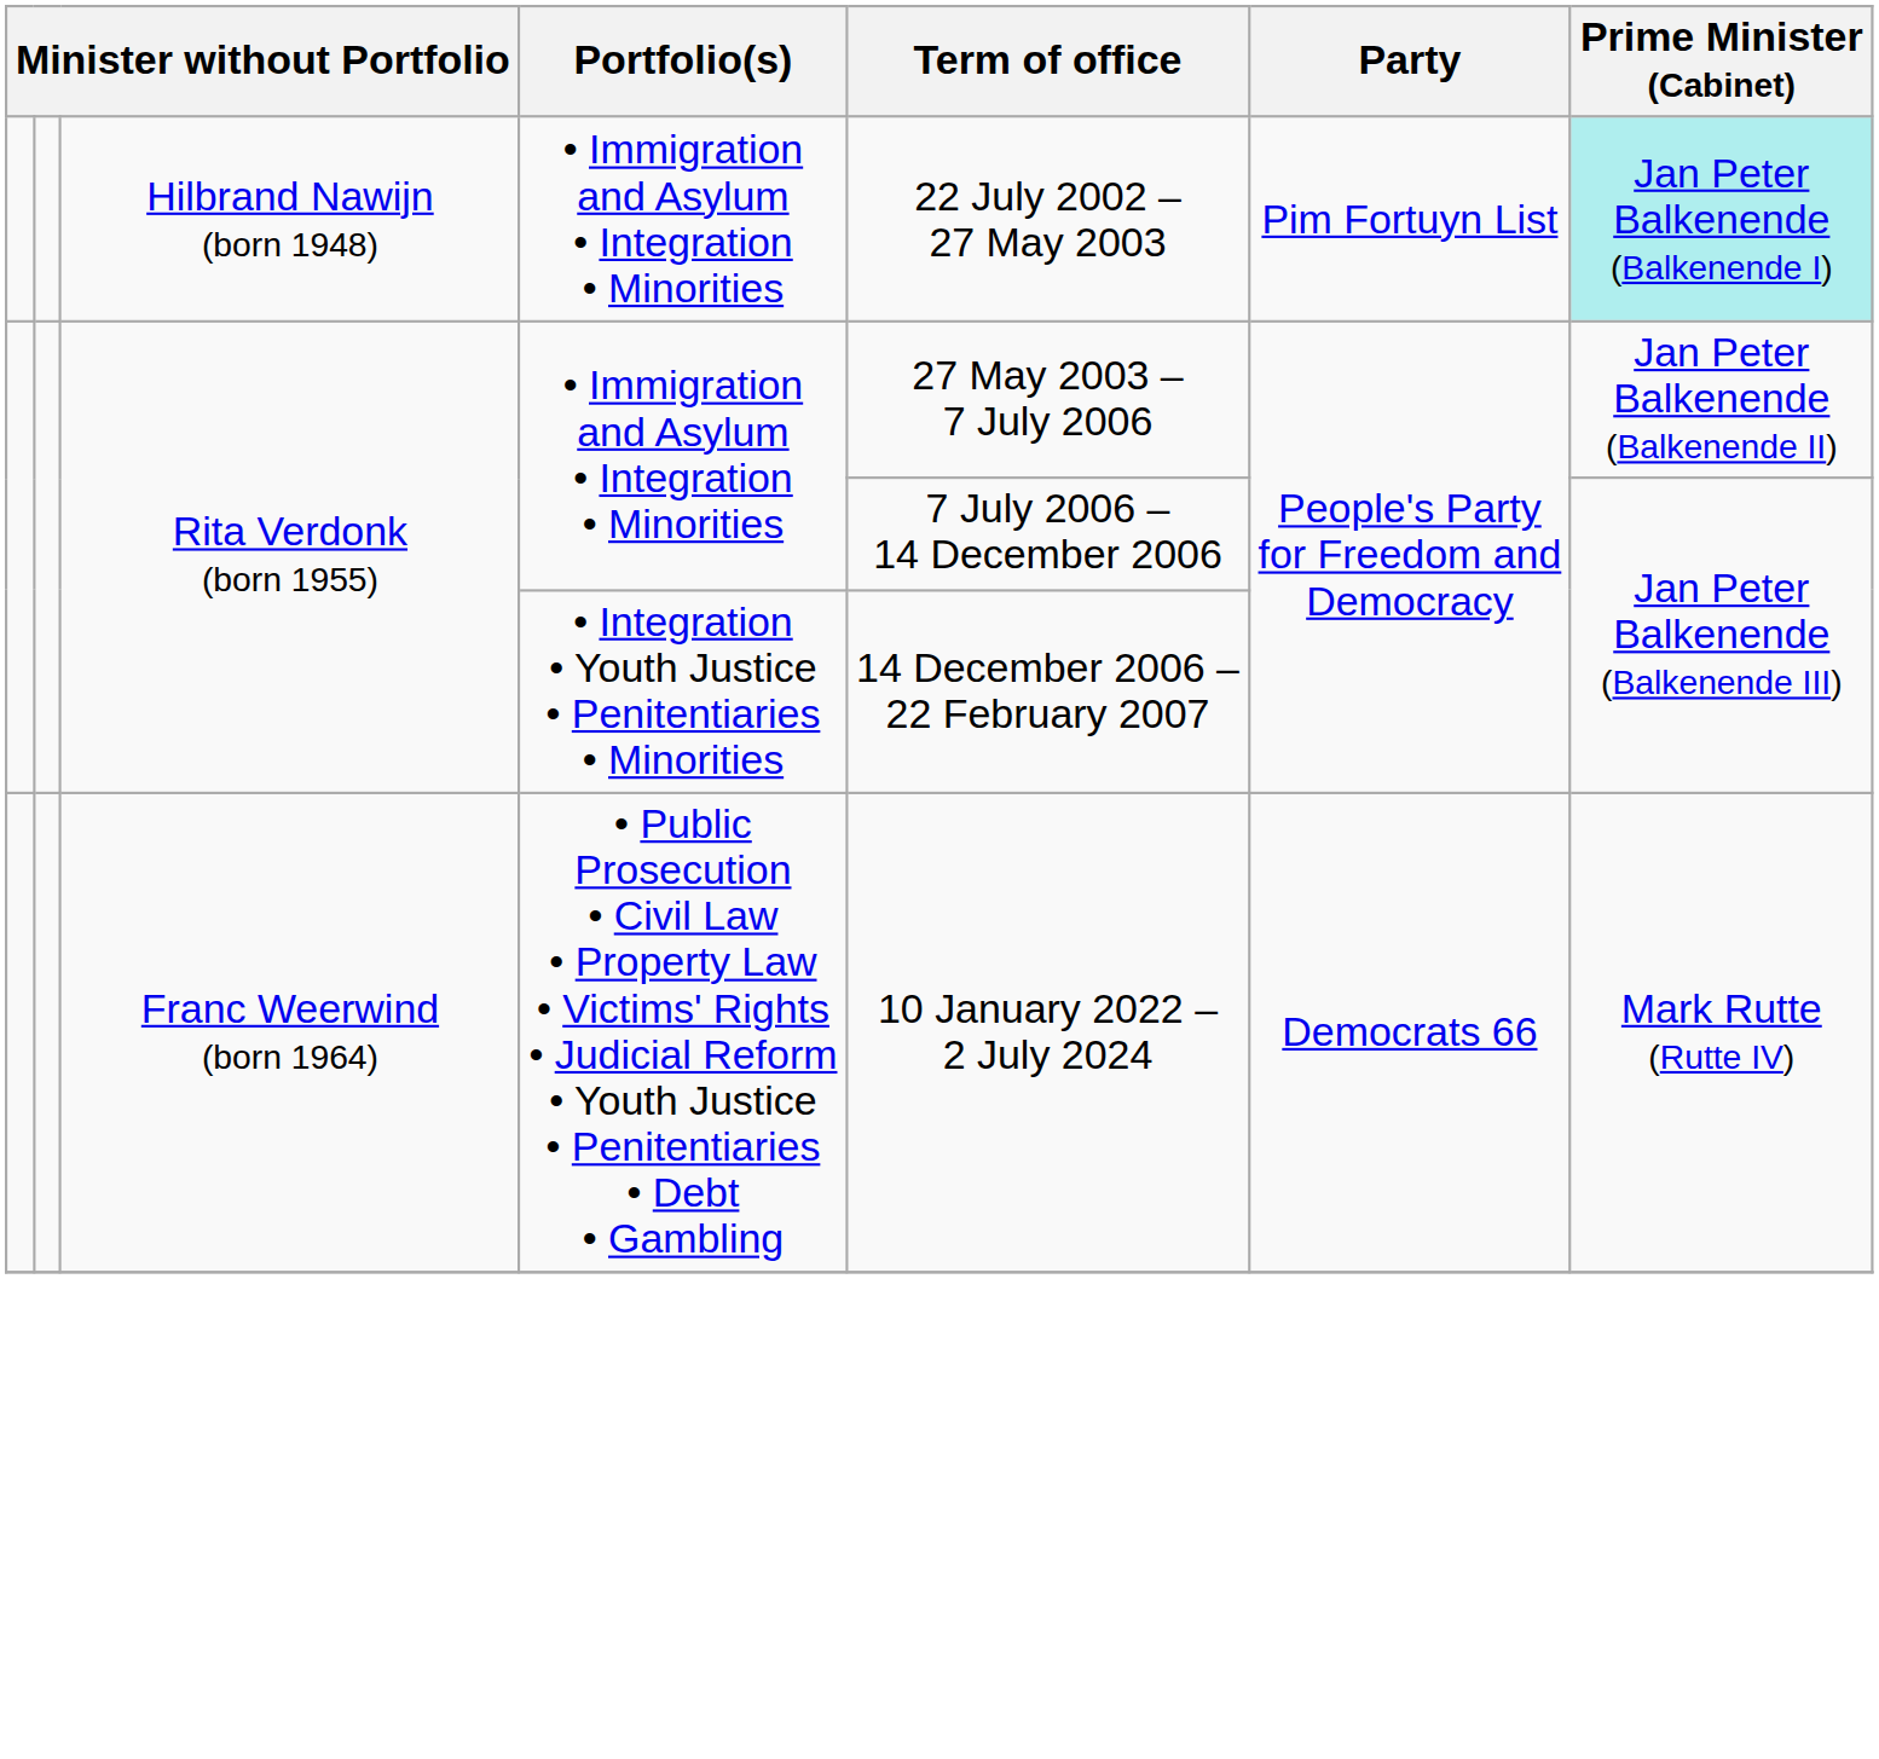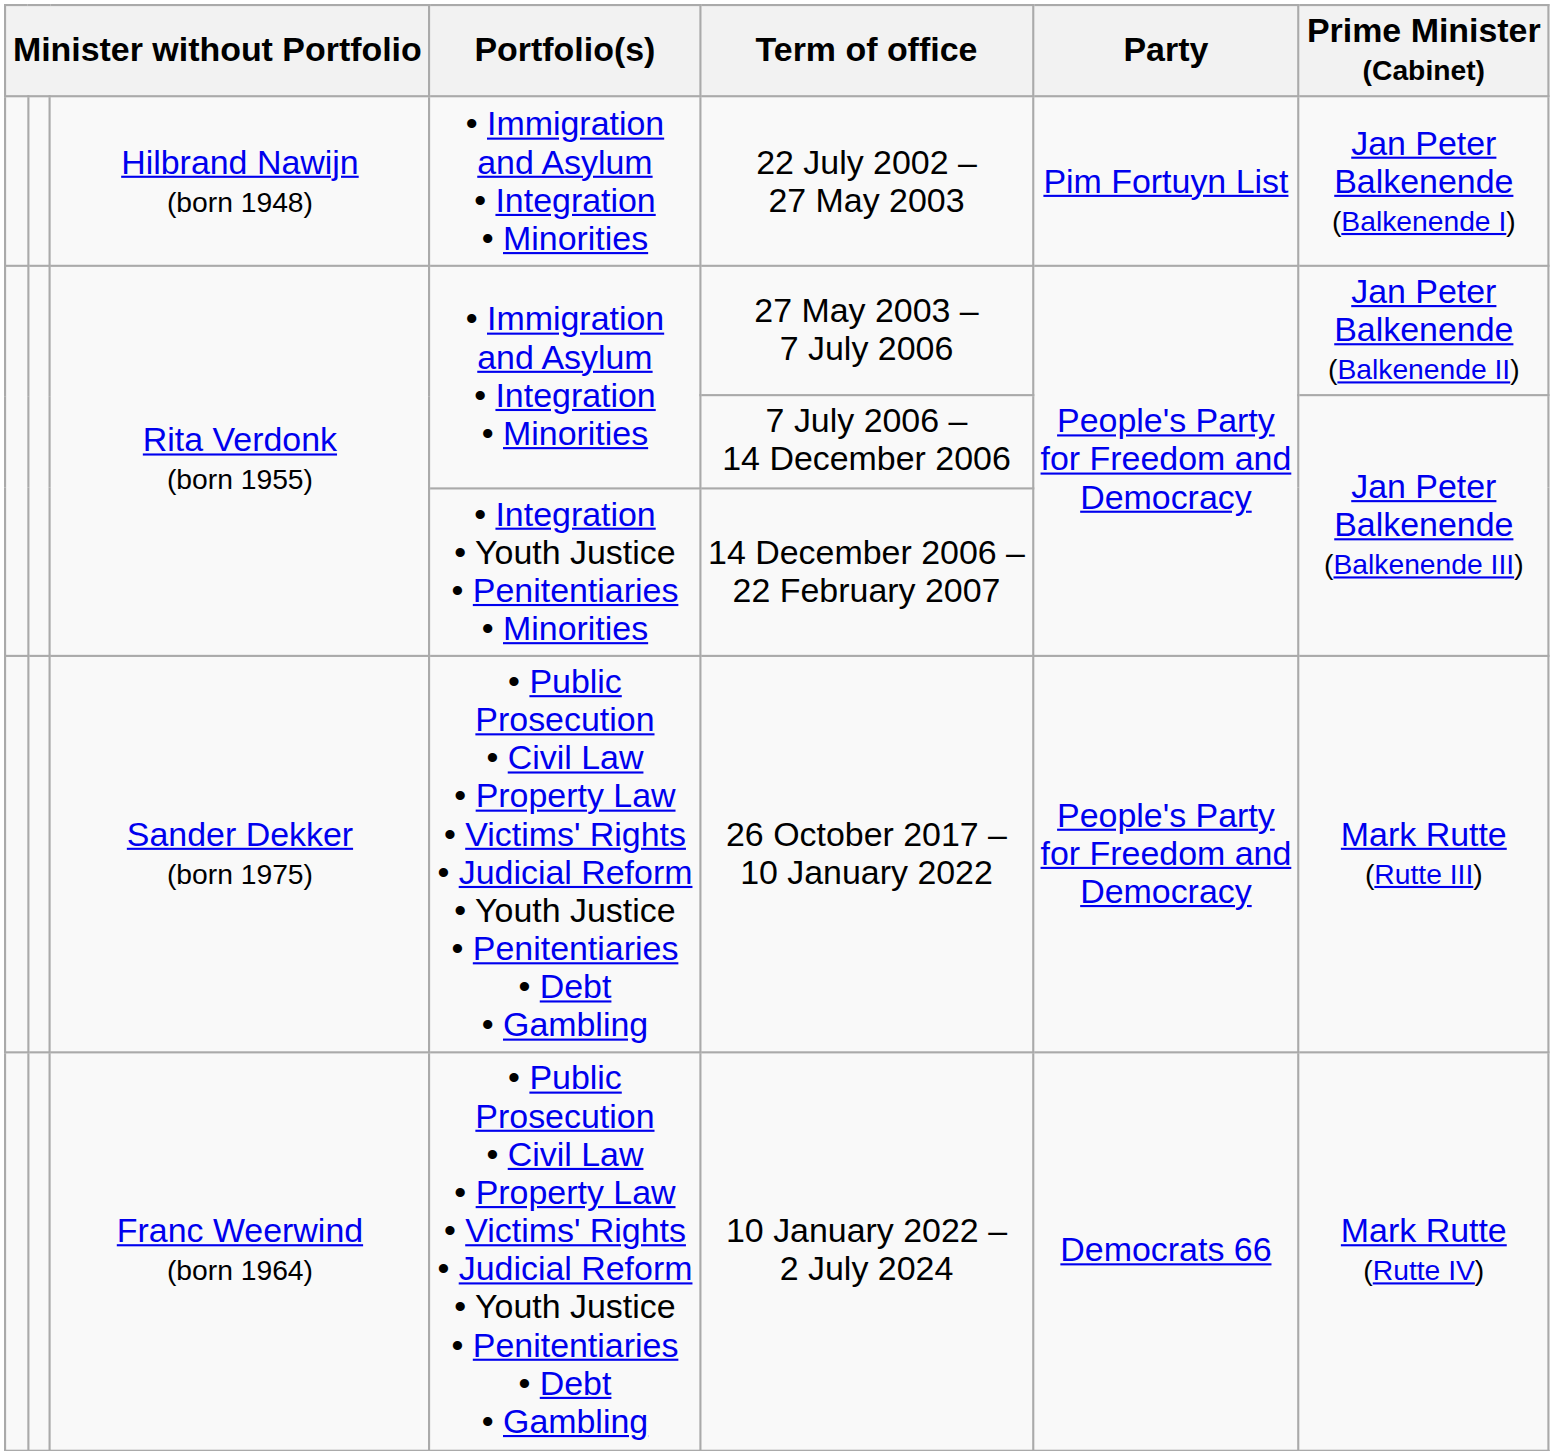 <table class="wikitable" style="text-align:center">
 <tr>
 <th colspan=3>Minister without Portfolio</th>
 <th>Portfolio(s)</th>
 <th>Term of office</th>
 <th>Party</th>
 <th>Prime Minister <br> <small>(Cabinet)</small></th>
 </tr>
 <tr>
 <td style="background:"></td>
 <td></td>
 <td><a href='#'>Hilbrand Nawijn</a> <br> <small>(born 1948)</small></td>
 <td>• <a href='#'>Immigration <br> and Asylum</a> <br> • <a href='#'>Integration</a> <br> • <a href='#'>Minorities</a></td>
 <td>22 July 2002 – <br> 27 May 2003</td>
 <td><a href='#'>Pim Fortuyn List</a></td>
-<td style="background: paleturquoise;"><a href='#'>Jan Peter <br> Balkenende</a> <br> <small>(<a href='#'>Balkenende I</a>)</small> <br></td>
+<td><a href='#'>Jan Peter <br> Balkenende</a> <br> <small>(<a href='#'>Balkenende I</a>)</small> <br></td>
 </tr>
 <tr>
 <td rowspan=3 style="background:"></td>
 <td rowspan=3></td>
 <td rowspan=3><a href='#'>Rita Verdonk</a> <br> <small>(born 1955)</small></td>
 <td rowspan=2>• <a href='#'>Immigration <br> and Asylum</a> <br> • <a href='#'>Integration</a> <br> • <a href='#'>Minorities</a></td>
 <td>27 May 2003 – <br> 7 July 2006</td>
 <td rowspan=3><a href='#'>People's Party <br> for Freedom and <br> Democracy</a></td>
 <td><a href='#'>Jan Peter <br> Balkenende</a> <br> <small>(<a href='#'>Balkenende II</a>)</small> <br></td>
 </tr>
 <tr>
 <td>7 July 2006 – <br> 14 December 2006</td>
 <td rowspan=2><a href='#'>Jan Peter <br> Balkenende</a> <br> <small>(<a href='#'>Balkenende III</a>)</small> <br></td>
 </tr>
 <tr>
 <td>• <a href='#'>Integration</a> <br> • Youth Justice <br> • <a href='#'>Penitentiaries</a> <br> • <a href='#'>Minorities</a></td>
 <td>14 December 2006 – <br> 22 February 2007</td>
 </tr>
 <tr>
 <td style="background:"></td>
 <td></td>
+<td><a href='#'>Sander Dekker</a> <br> <small>(born 1975)</small></td>
+<td>• <a href='#'>Public <br> Prosecution</a> <br> • <a href='#'>Civil Law</a> <br> • <a href='#'>Property Law</a> <br> • <a href='#'>Victims' Rights</a> <br> • <a href='#'>Judicial Reform</a> <br> • Youth Justice <br> • <a href='#'>Penitentiaries</a> <br> • <a href='#'>Debt</a> <br> • <a href='#'>Gambling</a></td>
+<td>26 October 2017 – <br> 10 January 2022</td>
+<td><a href='#'>People's Party <br> for Freedom and <br> Democracy</a></td>
+<td><a href='#'>Mark Rutte</a> <br> <small>(<a href='#'>Rutte III</a>)</small> <br></td>
+</tr>
+<tr>
+<td style="background:"></td>
+<td></td>
 <td><a href='#'>Franc Weerwind</a> <br> <small>(born 1964)</small></td>
 <td>• <a href='#'>Public <br> Prosecution</a> <br> • <a href='#'>Civil Law</a> <br> • <a href='#'>Property Law</a> <br> • <a href='#'>Victims' Rights</a> <br> • <a href='#'>Judicial Reform</a> <br> • Youth Justice <br> • <a href='#'>Penitentiaries</a> <br> • <a href='#'>Debt</a> <br> • <a href='#'>Gambling</a></td>
 <td>10 January 2022 – <br> 2 July 2024</td>
 <td><a href='#'>Democrats 66</a></td>
 <td><a href='#'>Mark Rutte</a> <br> <small>(<a href='#'>Rutte IV</a>)</small> <br></td>
 </tr>
 <tr>
 </tr>
 </table>
